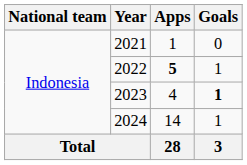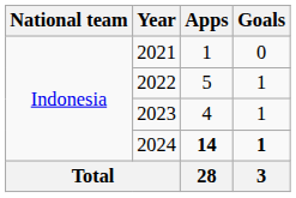 <table class="wikitable" style="text-align:center">
 <tr>
 <th>National team</th>
 <th>Year</th>
 <th>Apps</th>
 <th>Goals</th>
 </tr>
 <tr>
 <td rowspan=4><a href='#'>Indonesia</a></td>
 <td>2021</td>
 <td>1</td>
 <td>0</td>
 </tr>
 <tr>
 <td>2022</td>
-<td><strong>5</strong></td>
+<td>5</td>
 <td>1</td>
 </tr>
 <tr>
 <td>2023</td>
 <td>4</td>
-<td><strong>1</strong></td>
+<td>1</td>
 </tr>
 <tr>
 <td>2024</td>
-<td>14</td>
-<td>1</td>
+<td><strong>14</strong></td>
+<td><strong>1</strong></td>
 </tr>
 <tr>
 <th colspan=2>Total</th>
 <th>28</th>
 <th>3</th>
 </tr>
 </table>
